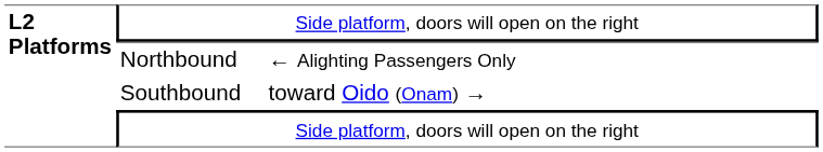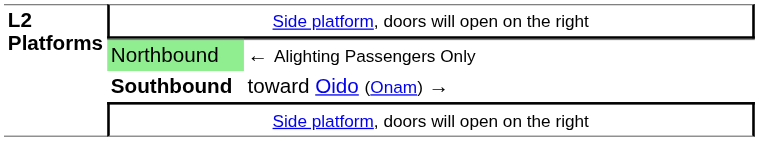 <table table border=0 cellspacing=0 cellpadding=3>
 <tr>
 <td style="border-top:solid 1px gray;border-bottom:solid 1px gray;" width=50 rowspan=10 valign=top><strong>L2<br>Platforms</strong></td>
 <td style="border-top:solid 1px gray;border-right:solid 2px black;border-left:solid 2px black;border-bottom:solid 2px black;text-align:center;" colspan=2><small><a href='#'>Side platform</a>, doors will open on the right</small></td>
 </tr>
 <tr>
-<td style="border-bottom:solid 0px gray;border-top:solid 1px gray;" width=100>Northbound</td>
+<td style="background: lightgreen; border-bottom:solid 0px gray;border-top:solid 1px gray;" width=100>Northbound</td>
 <td style="border-bottom:solid 0px gray;border-top:solid 1px gray;" width=390>←  <small>Alighting Passengers Only</small></td>
 </tr>
 <tr>
-<td>Southbound</td>
+<td><strong>Southbound</strong></td>
 <td>  toward <a href='#'>Oido</a> <small>(<a href='#'>Onam</a>)</small> →</td>
 </tr>
 <tr>
 <td style="border-top:solid 2px black;border-right:solid 2px black;border-left:solid 2px black;border-bottom:solid 1px gray;text-align:center;" colspan=2><small><a href='#'>Side platform</a>, doors will open on the right</small></td>
 </tr>
 </table>
